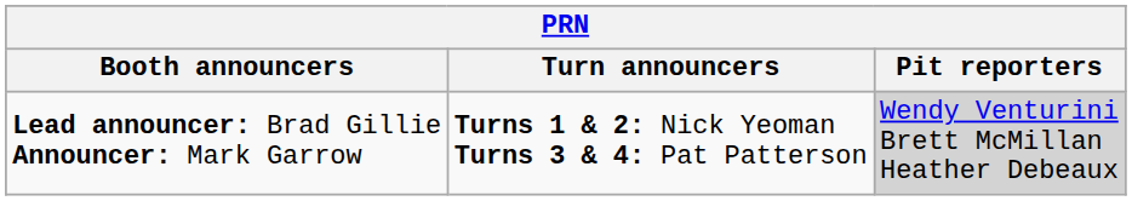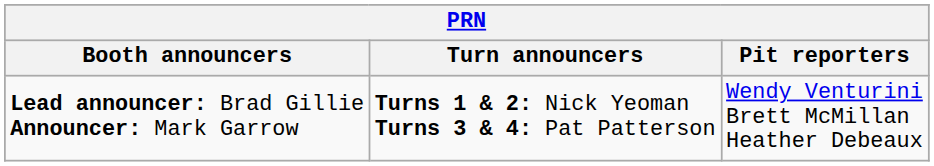 <table class="wikitable" style="font-size: 95%">
 <tr>
 <th colspan="3"><a href='#'>PRN</a></th>
 </tr>
 <tr>
 <th>Booth announcers</th>
 <th>Turn announcers</th>
 <th>Pit reporters</th>
 </tr>
 <tr>
 <td><strong>Lead announcer:</strong> Brad Gillie<br><strong>Announcer:</strong> Mark Garrow</td>
 <td><strong>Turns 1 & 2:</strong> Nick Yeoman<br><strong>Turns 3 & 4:</strong> Pat Patterson</td>
-<td style="background: lightgrey;"><a href='#'>Wendy Venturini</a><br>Brett McMillan<br>Heather Debeaux</td>
+<td><a href='#'>Wendy Venturini</a><br>Brett McMillan<br>Heather Debeaux</td>
 </tr>
 </table>
